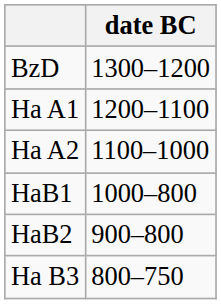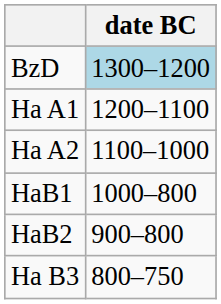 <table class="wikitable" style="float:center; margin-right:1em">
 <tr>
 <th></th>
 <th>date BC</th>
 </tr>
 <tr>
 <td>BzD</td>
-<td>1300–1200</td>
+<td style="background: lightblue;">1300–1200</td>
 </tr>
 <tr>
 <td>Ha A1</td>
 <td>1200–1100</td>
 </tr>
 <tr>
 <td>Ha A2</td>
 <td>1100–1000</td>
 </tr>
 <tr>
 <td>HaB1</td>
 <td>1000–800</td>
 </tr>
 <tr>
 <td>HaB2</td>
 <td>900–800</td>
 </tr>
 <tr>
 <td>Ha B3</td>
 <td>800–750</td>
 </tr>
 </table>
